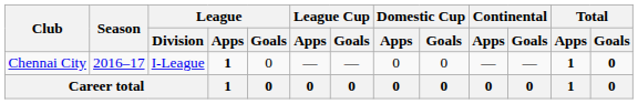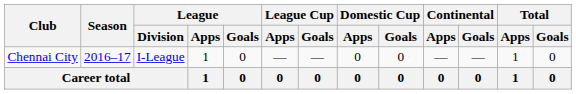 <table class="wikitable" style="text-align: center;">
 <tr>
 <th rowspan="2">Club</th>
 <th rowspan="2">Season</th>
 <th colspan="3">League</th>
 <th colspan="2">League Cup</th>
 <th colspan="2">Domestic Cup</th>
 <th colspan="2">Continental</th>
 <th colspan="2">Total</th>
 </tr>
 <tr>
 <th>Division</th>
 <th>Apps</th>
 <th>Goals</th>
 <th>Apps</th>
 <th>Goals</th>
 <th>Apps</th>
 <th>Goals</th>
 <th>Apps</th>
 <th>Goals</th>
 <th>Apps</th>
 <th>Goals</th>
 </tr>
 <tr>
 <td rowspan="1"><a href='#'>Chennai City</a></td>
 <td><a href='#'>2016–17</a></td>
 <td><a href='#'>I-League</a></td>
-<td><strong>1</strong></td>
+<td>1</td>
 <td>0</td>
 <td>—</td>
 <td>—</td>
 <td>0</td>
 <td>0</td>
 <td>—</td>
 <td>—</td>
-<td><strong>1</strong></td>
-<td><strong>0</strong></td>
+<td>1</td>
+<td>0</td>
 </tr>
 <tr>
 <th colspan="3">Career total</th>
 <th>1</th>
 <th>0</th>
 <th>0</th>
 <th>0</th>
 <th>0</th>
 <th>0</th>
 <th>0</th>
 <th>0</th>
 <th>1</th>
 <th>0</th>
 </tr>
 </table>
